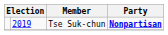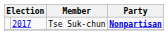 <table class="wikitable">
 <tr>
 <th colspan="2">Election</th>
 <th>Member</th>
 <th>Party</th>
 </tr>
 <tr>
 <td style="color:inherit;background:"></td>
-<td><a href='#'>2019</a></td>
+<td><a href='#'>2017</a></td>
 <td>Tse Suk-chun</td>
 <td><strong><a href='#'>Nonpartisan</a></strong></td>
 </tr>
 <tr>
 </tr>
 </table>
